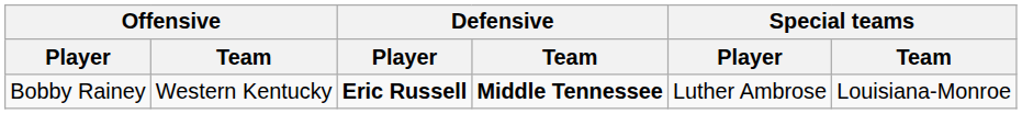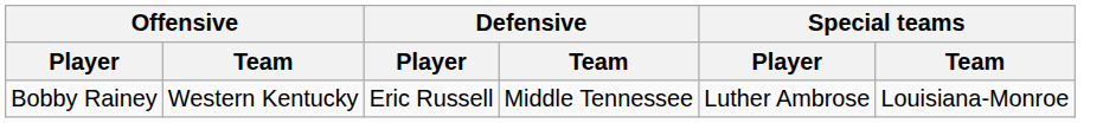 <table class="wikitable">
 <tr>
 <th colspan="2">Offensive</th>
 <th colspan="2">Defensive</th>
 <th colspan="2">Special teams</th>
 </tr>
 <tr>
 <th>Player</th>
 <th>Team</th>
 <th>Player</th>
 <th>Team</th>
 <th>Player</th>
 <th>Team</th>
 </tr>
 <tr>
 <td>Bobby Rainey</td>
 <td>Western Kentucky</td>
-<td><strong>Eric Russell</strong></td>
-<td><strong>Middle Tennessee</strong></td>
+<td>Eric Russell</td>
+<td>Middle Tennessee</td>
 <td>Luther Ambrose</td>
 <td>Louisiana-Monroe</td>
 </tr>
 </table>
